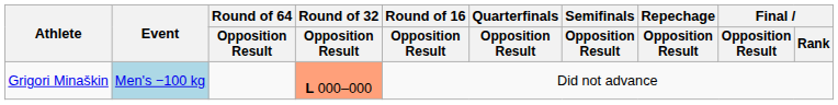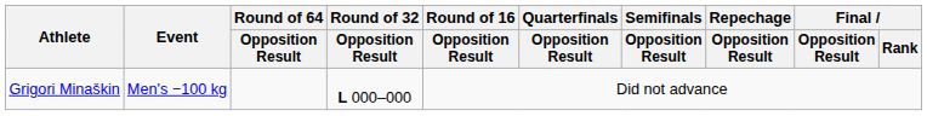 <table class="wikitable" style="font-size:90%">
 <tr>
 <th rowspan="2">Athlete</th>
 <th rowspan="2">Event</th>
 <th>Round of 64</th>
 <th>Round of 32</th>
 <th>Round of 16</th>
 <th>Quarterfinals</th>
 <th>Semifinals</th>
 <th>Repechage</th>
 <th colspan=2>Final / </th>
 </tr>
 <tr style="font-size:95%">
 <th>Opposition<br>Result</th>
 <th>Opposition<br>Result</th>
 <th>Opposition<br>Result</th>
 <th>Opposition<br>Result</th>
 <th>Opposition<br>Result</th>
 <th>Opposition<br>Result</th>
 <th>Opposition<br>Result</th>
 <th>Rank</th>
 </tr>
 <tr align=center>
 <td align=left><a href='#'>Grigori Minaškin</a></td>
-<td align=left style="background: lightblue;"><a href='#'>Men's −100 kg</a></td>
+<td align=left><a href='#'>Men's −100 kg</a></td>
 <td></td>
-<td style="background: lightsalmon;"><br><strong>L</strong> 000–000 </td>
+<td><br><strong>L</strong> 000–000 </td>
 <td colspan=6>Did not advance</td>
 </tr>
 </table>
